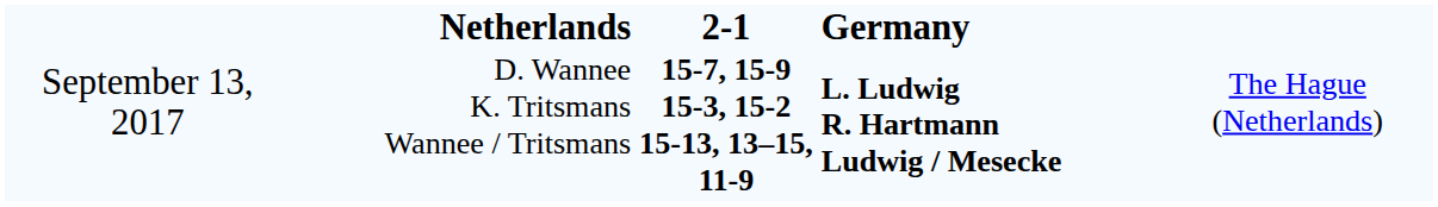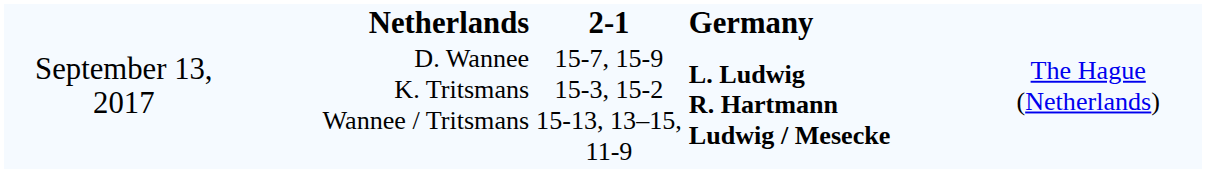 <table style="width: 100%; background:#F5FAFF;" cellspacing="0">
 <tr>
 <td align=center rowspan=3 width=20%>September 13, 2017<br></td>
 </tr>
 <tr>
 <td width=24% align=right><strong>Netherlands</strong></td>
 <td align=center width=13%><strong>2-1</strong></td>
 <td width=24%><strong>Germany</strong></td>
 <td style=font-size:85% rowspan=3 valign=middle align=center><a href='#'>The Hague</a> (<a href='#'>Netherlands</a>)</td>
 </tr>
 <tr style=font-size:85%>
 <td align=right valign=top>D. Wannee<br>K. Tritsmans<br>Wannee / Tritsmans</td>
-<td align=center><strong>15-7, 15-9<br>15-3, 15-2<br>15-13, 13–15, 11-9</strong></td>
+<td align=center>15-7, 15-9<br>15-3, 15-2<br>15-13, 13–15, 11-9</td>
 <td><strong>L. Ludwig<br>R. Hartmann<br>Ludwig / Mesecke</strong></td>
 </tr>
 </table>
